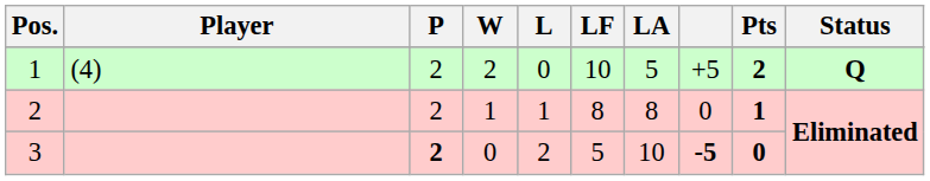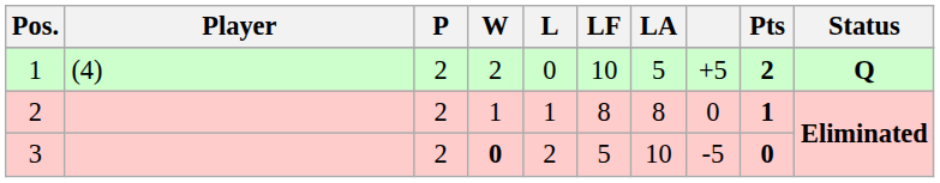 <table class="wikitable" style="text-align:center; margin: 1em auto 1em auto, align:left">
 <tr>
 <th width=25>Pos.</th>
 <th width=200>Player</th>
 <th width=25>P</th>
 <th width=25>W</th>
 <th width=25>L</th>
 <th width=25>LF</th>
 <th width=25>LA</th>
 <th width=25></th>
 <th width=25>Pts</th>
 <th width=75>Status</th>
 </tr>
 <tr>
 </tr>
 <tr style="background:#CCFFCC;">
 <td>1</td>
 <td align=left> (4)</td>
 <td>2</td>
 <td>2</td>
 <td>0</td>
 <td>10</td>
 <td>5</td>
 <td>+5</td>
 <td><strong>2</strong></td>
 <td><strong>Q</strong></td>
 </tr>
 <tr style="background:#FFCCCC;">
 <td>2</td>
 <td align=left></td>
 <td>2</td>
 <td>1</td>
 <td>1</td>
 <td>8</td>
 <td>8</td>
 <td>0</td>
 <td><strong>1</strong></td>
 <td rowspan=2><strong>Eliminated</strong></td>
 </tr>
 <tr style="background:#FFCCCC;">
 <td>3</td>
 <td align=left></td>
-<td><strong>2</strong></td>
-<td>0</td>
+<td>2</td>
+<td><strong>0</strong></td>
 <td>2</td>
 <td>5</td>
 <td>10</td>
-<td><strong>-5</strong></td>
+<td>-5</td>
 <td><strong>0</strong></td>
 </tr>
 </table>
